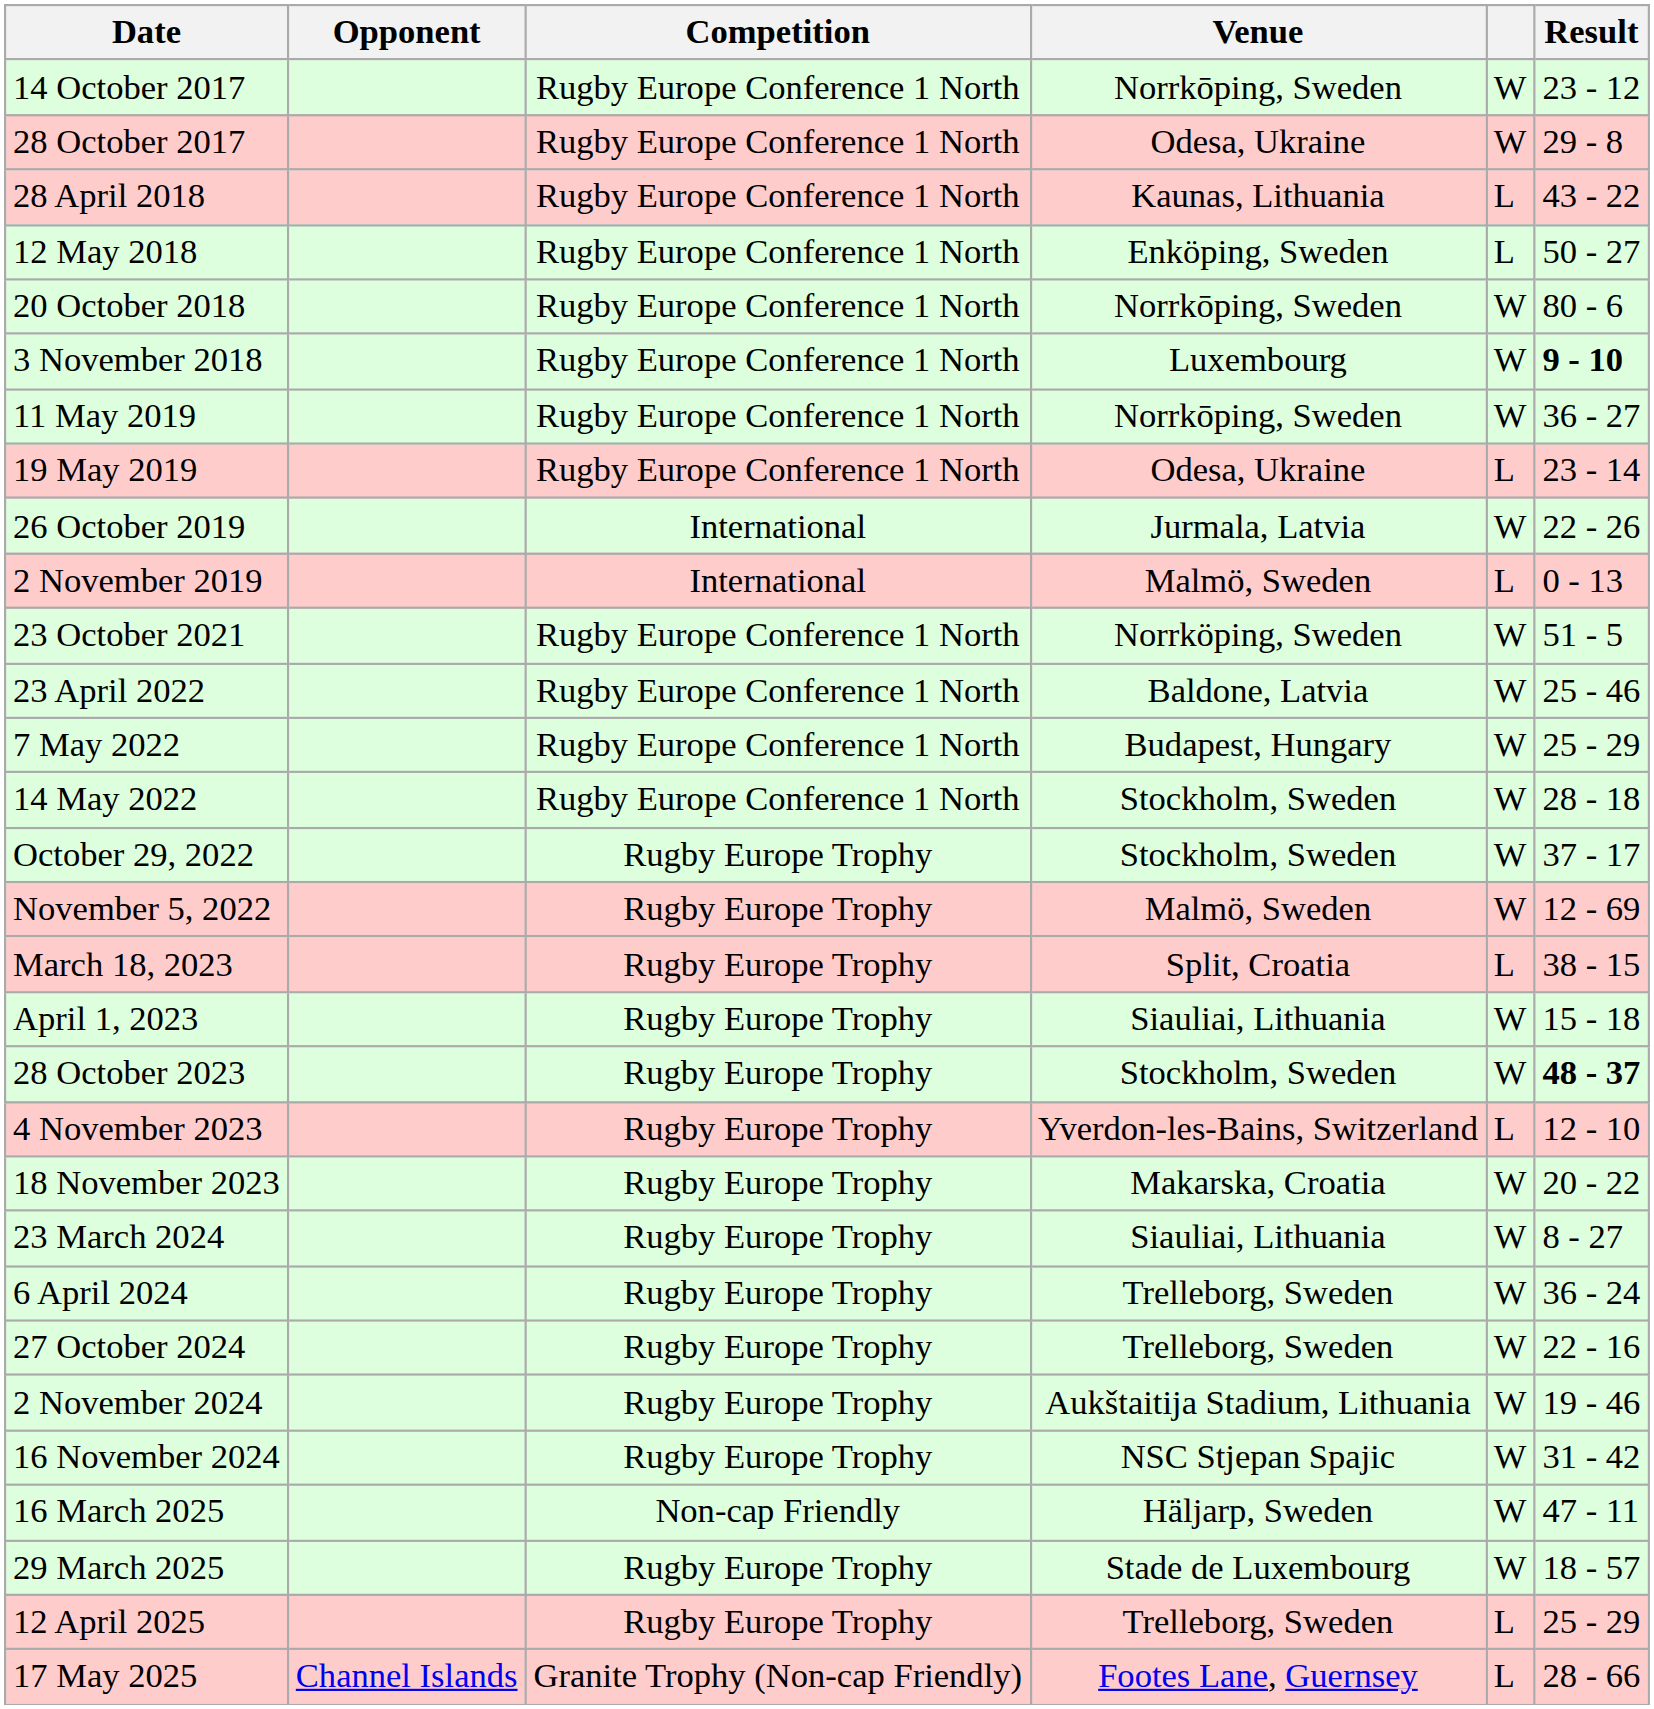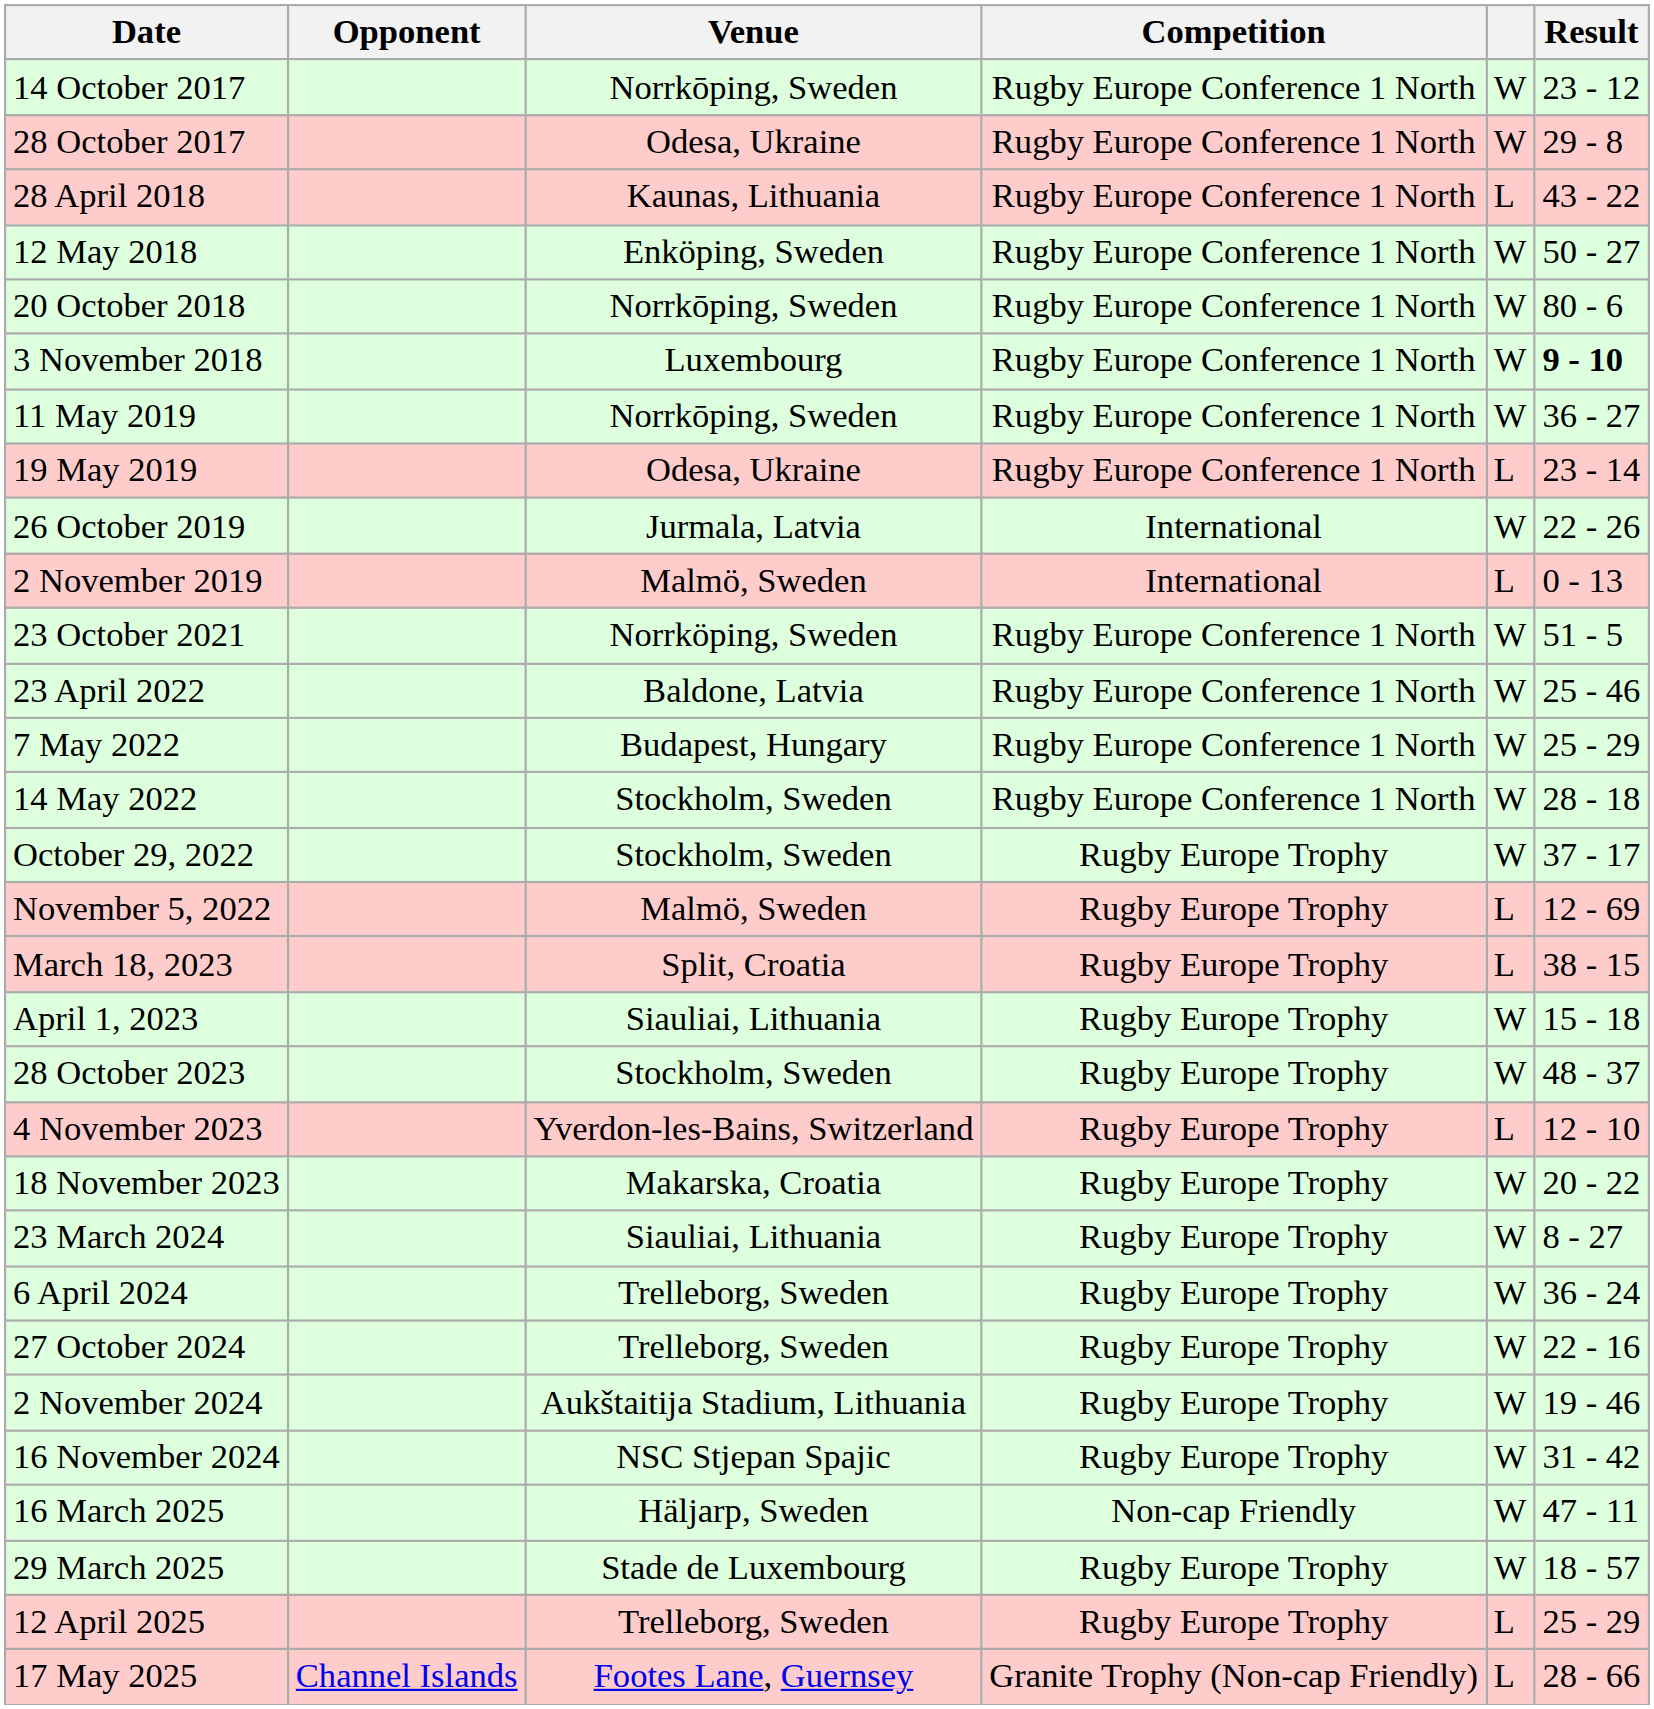 <table class="wikitable" {|>
 <tr>
 <th>Date</th>
 <th>Opponent</th>
+<th>Venue</th>
 <th>Competition</th>
-<th>Venue</th>
 <th></th>
 <th>Result</th>
 </tr>
 <tr style="background:#dfd;">
 <td>14 October 2017</td>
 <td></td>
+<td align="center">Norrkōping, Sweden</td>
 <td align="center">Rugby Europe Conference 1 North</td>
-<td align="center">Norrkōping, Sweden</td>
 <td>W</td>
 <td>23 - 12</td>
 </tr>
 <tr style="background:#fcc;">
 <td>28 October 2017</td>
 <td></td>
+<td align="center">Odesa, Ukraine</td>
 <td align="center">Rugby Europe Conference 1 North</td>
-<td align="center">Odesa, Ukraine</td>
 <td>W</td>
 <td>29 - 8</td>
 </tr>
 <tr style="background:#fcc;">
 <td>28 April 2018</td>
 <td></td>
+<td align="center">Kaunas, Lithuania</td>
 <td align="center">Rugby Europe Conference 1 North</td>
-<td align="center">Kaunas, Lithuania</td>
 <td>L</td>
 <td>43 - 22</td>
 </tr>
 <tr style="background:#dfd;">
 <td>12 May 2018</td>
 <td></td>
+<td align="center">Enköping, Sweden</td>
 <td align="center">Rugby Europe Conference 1 North</td>
-<td align="center">Enköping, Sweden</td>
-<td>L</td>
+<td>W</td>
 <td>50 - 27</td>
 </tr>
 <tr style="background:#dfd;">
 <td>20 October 2018</td>
 <td></td>
+<td align="center">Norrkōping, Sweden</td>
 <td align="center">Rugby Europe Conference 1 North</td>
-<td align="center">Norrkōping, Sweden</td>
 <td>W</td>
 <td>80 - 6</td>
 </tr>
 <tr style="background:#dfd;">
 <td>3 November 2018</td>
 <td></td>
+<td align="center">Luxembourg</td>
 <td align="center">Rugby Europe Conference 1 North</td>
-<td align="center">Luxembourg</td>
 <td>W</td>
 <td><strong>9 - 10</strong></td>
 </tr>
 <tr style="background:#dfd;">
 <td>11 May 2019</td>
 <td></td>
+<td align="center">Norrkōping, Sweden</td>
 <td align="center">Rugby Europe Conference 1 North</td>
-<td align="center">Norrkōping, Sweden</td>
 <td>W</td>
 <td>36 - 27</td>
 </tr>
 <tr style="background:#fcc;">
 <td>19 May 2019</td>
 <td></td>
+<td align="center">Odesa, Ukraine</td>
 <td align="center">Rugby Europe Conference 1 North</td>
-<td align="center">Odesa, Ukraine</td>
 <td>L</td>
 <td>23 - 14</td>
 </tr>
 <tr style="background:#dfd;">
 <td>26 October 2019</td>
 <td></td>
+<td align="center">Jurmala, Latvia</td>
 <td align="center">International</td>
-<td align="center">Jurmala, Latvia</td>
 <td>W</td>
 <td>22 - 26</td>
 </tr>
 <tr style="background:#fcc;">
 <td>2 November 2019</td>
 <td></td>
+<td align="center">Malmö, Sweden</td>
 <td align="center">International</td>
-<td align="center">Malmö, Sweden</td>
 <td>L</td>
 <td 14 23 >0 - 13</td>
 </tr>
 <tr style="background:#dfd;">
 <td>23 October 2021</td>
 <td></td>
+<td align="center">Norrköping, Sweden</td>
 <td align="center">Rugby Europe Conference 1 North</td>
-<td align="center">Norrköping, Sweden</td>
 <td>W</td>
 <td 14 23 >51 - 5</td>
 </tr>
 <tr style="background:#dfd;">
 <td>23 April 2022</td>
 <td></td>
+<td align="center">Baldone, Latvia</td>
 <td align="center">Rugby Europe Conference 1 North</td>
-<td align="center">Baldone, Latvia</td>
 <td>W</td>
 <td 14 23 >25 - 46</td>
 </tr>
 <tr style="background:#dfd;" |->
 <td>7 May 2022</td>
 <td></td>
+<td align="center">Budapest, Hungary</td>
 <td align="center">Rugby Europe Conference 1 North</td>
-<td align="center">Budapest, Hungary</td>
 <td>W</td>
 <td>25 - 29</td>
 </tr>
 <tr style="background:#dfd;">
 <td>14 May 2022</td>
 <td></td>
+<td align="center">Stockholm, Sweden</td>
 <td align="center">Rugby Europe Conference 1 North</td>
-<td align="center">Stockholm, Sweden</td>
 <td>W</td>
 <td>28 - 18</td>
 </tr>
 <tr style="background:#dfd;">
 <td>October 29, 2022</td>
 <td></td>
+<td align="center">Stockholm, Sweden</td>
 <td align="center">Rugby Europe Trophy</td>
-<td align="center">Stockholm, Sweden</td>
 <td>W</td>
 <td>37 - 17</td>
 </tr>
 <tr style="background:#fcc;">
 <td>November 5, 2022</td>
 <td></td>
+<td align="center">Malmö, Sweden</td>
 <td align="center">Rugby Europe Trophy</td>
-<td align="center">Malmö, Sweden</td>
-<td>W</td>
+<td>L</td>
 <td>12 - 69</td>
 </tr>
 <tr style="background:#fcc;">
 <td>March 18, 2023</td>
 <td></td>
+<td align="center">Split, Croatia</td>
 <td align="center">Rugby Europe Trophy</td>
-<td align="center">Split, Croatia</td>
 <td>L</td>
 <td>38 - 15</td>
 </tr>
 <tr style="background:#dfd;">
 <td>April 1, 2023</td>
 <td></td>
+<td align="center">Siauliai, Lithuania</td>
 <td align="center">Rugby Europe Trophy</td>
-<td align="center">Siauliai, Lithuania</td>
 <td>W</td>
 <td>15 - 18</td>
 </tr>
 <tr style="background:#dfd;">
 <td>28 October 2023</td>
 <td></td>
+<td align="center">Stockholm, Sweden</td>
 <td align="center">Rugby Europe Trophy</td>
-<td align="center">Stockholm, Sweden</td>
 <td>W</td>
-<td><strong>48 - 37</strong></td>
+<td>48 - 37</td>
 </tr>
 <tr style="background:#fcc;">
 <td>4 November 2023</td>
 <td></td>
+<td align="center">Yverdon-les-Bains, Switzerland</td>
 <td align="center">Rugby Europe Trophy</td>
-<td align="center">Yverdon-les-Bains, Switzerland</td>
 <td>L</td>
 <td>12 - 10</td>
 </tr>
 <tr style="background:#dfd;">
 <td>18 November 2023</td>
 <td></td>
+<td align="center">Makarska, Croatia</td>
 <td align="center">Rugby Europe Trophy</td>
-<td align="center">Makarska, Croatia</td>
 <td>W</td>
 <td>20 - 22</td>
 </tr>
 <tr style="background:#dfd;">
 <td>23 March 2024</td>
 <td></td>
+<td align="center">Siauliai, Lithuania</td>
 <td align="center">Rugby Europe Trophy</td>
-<td align="center">Siauliai, Lithuania</td>
 <td>W</td>
 <td>8 - 27</td>
 </tr>
 <tr style="background:#dfd;">
 <td>6 April 2024</td>
 <td></td>
+<td align="center">Trelleborg, Sweden</td>
 <td align="center">Rugby Europe Trophy</td>
-<td align="center">Trelleborg, Sweden</td>
 <td>W</td>
 <td>36 - 24</td>
 </tr>
 <tr style="background:#dfd;">
 <td>27 October 2024</td>
 <td></td>
+<td align="center">Trelleborg, Sweden</td>
 <td align="center">Rugby Europe Trophy</td>
-<td align="center">Trelleborg, Sweden</td>
 <td>W</td>
 <td>22 - 16</td>
 </tr>
 <tr style="background:#dfd;">
 <td>2 November 2024</td>
 <td></td>
+<td align="center">Aukštaitija Stadium, Lithuania</td>
 <td align="center">Rugby Europe Trophy</td>
-<td align="center">Aukštaitija Stadium, Lithuania</td>
 <td>W</td>
 <td>19 - 46</td>
 </tr>
 <tr style="background:#dfd;">
 <td>16 November 2024</td>
 <td></td>
+<td align="center">NSC Stjepan Spajic</td>
 <td align="center">Rugby Europe Trophy</td>
-<td align="center">NSC Stjepan Spajic</td>
 <td>W</td>
 <td>31 - 42</td>
 </tr>
 <tr style="background:#dfd;">
 <td>16 March 2025</td>
 <td></td>
+<td align="center">Häljarp, Sweden</td>
 <td align="center">Non-cap Friendly </td>
-<td align="center">Häljarp, Sweden</td>
 <td>W</td>
 <td>47 - 11</td>
 </tr>
 <tr style="background:#dfd;">
 <td>29 March 2025</td>
 <td></td>
+<td align="center">Stade de Luxembourg</td>
 <td align="center">Rugby Europe Trophy</td>
-<td align="center">Stade de Luxembourg</td>
 <td>W</td>
 <td>18 - 57</td>
 </tr>
 <tr style="background:#fcc;">
 <td>12 April 2025</td>
 <td></td>
+<td align="center">Trelleborg, Sweden</td>
 <td align="center">Rugby Europe Trophy</td>
-<td align="center">Trelleborg, Sweden</td>
 <td>L</td>
 <td>25 - 29</td>
 </tr>
 <tr style="background:#fcc;">
 <td>17 May 2025</td>
 <td> <a href='#'>Channel Islands</a></td>
+<td align="center"><a href='#'>Footes Lane</a>, <a href='#'>Guernsey</a></td>
 <td align="center">Granite Trophy (Non-cap Friendly) </td>
-<td align="center"><a href='#'>Footes Lane</a>, <a href='#'>Guernsey</a></td>
 <td>L</td>
 <td>28 - 66</td>
 </tr>
 </table>
